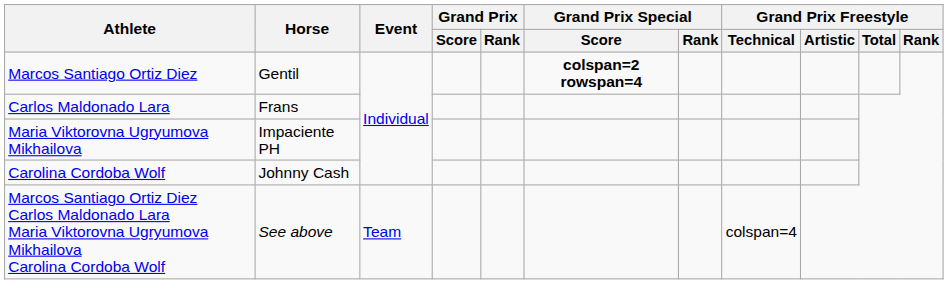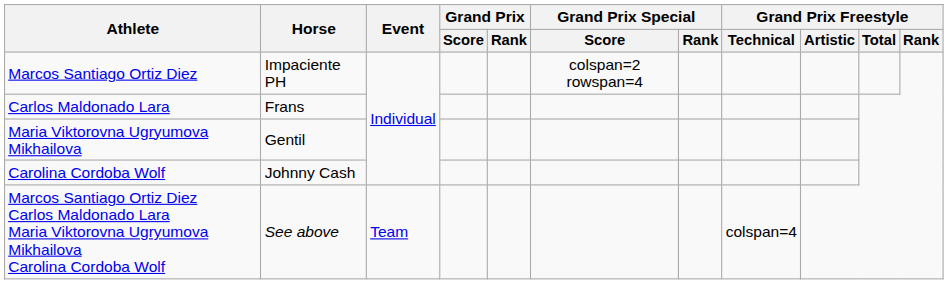 <table class=wikitable style=font-size:90%;text-align:center>
 <tr>
 <th rowspan=2>Athlete</th>
 <th rowspan=2>Horse</th>
 <th rowspan=2>Event</th>
 <th colspan=2>Grand Prix</th>
 <th colspan=2>Grand Prix Special</th>
 <th colspan=4>Grand Prix Freestyle</th>
 </tr>
 <tr style=font-size:95%>
 <th>Score</th>
 <th>Rank</th>
 <th>Score</th>
 <th>Rank</th>
 <th>Technical</th>
 <th>Artistic</th>
 <th>Total</th>
 <th>Rank</th>
 </tr>
 <tr>
 <td align=left><a href='#'>Marcos Santiago Ortiz Diez</a></td>
-<td align=left>Gentil</td>
+<td align=left>Impaciente PH</td>
 <td align=left rowspan=4><a href='#'>Individual</a></td>
 <td></td>
 <td></td>
-<td><strong>colspan=2 rowspan=4 </strong></td>
+<td>colspan=2 rowspan=4 </td>
 <td></td>
 <td></td>
 <td></td>
 <td></td>
 </tr>
 <tr>
 <td align=left><a href='#'>Carlos Maldonado Lara</a></td>
 <td align=left>Frans</td>
 <td></td>
 <td></td>
 <td></td>
 <td></td>
 <td></td>
 <td></td>
 </tr>
 <tr>
 <td align=left><a href='#'>Maria Viktorovna Ugryumova Mikhailova</a></td>
-<td align=left>Impaciente PH</td>
+<td align=left>Gentil</td>
 <td></td>
 <td></td>
 <td></td>
 <td></td>
 <td></td>
 <td></td>
 </tr>
 <tr>
 <td align=left><a href='#'>Carolina Cordoba Wolf</a></td>
 <td align=left>Johnny Cash</td>
 <td></td>
 <td></td>
 <td></td>
 <td></td>
 <td></td>
 <td></td>
 </tr>
 <tr>
 <td align=left><a href='#'>Marcos Santiago Ortiz Diez</a><br><a href='#'>Carlos Maldonado Lara</a><br><a href='#'>Maria Viktorovna Ugryumova Mikhailova</a><br><a href='#'>Carolina Cordoba Wolf</a></td>
 <td align=left><em>See above</em></td>
 <td align=left><a href='#'>Team</a></td>
 <td></td>
 <td></td>
 <td></td>
 <td></td>
 <td>colspan=4 </td>
 </tr>
 </table>
